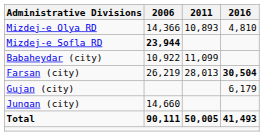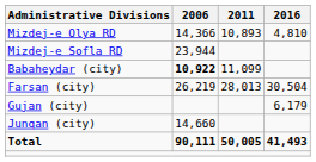 <table class="wikitable">
 <tr>
 <th>Administrative Divisions</th>
 <th>2006</th>
 <th>2011</th>
 <th>2016</th>
 </tr>
 <tr>
 <td><a href='#'>Mizdej-e Olya RD</a></td>
 <td style="text-align: right;">14,366</td>
 <td style="text-align: right;">10,893</td>
 <td style="text-align: right;">4,810</td>
 </tr>
 <tr>
 <td><a href='#'>Mizdej-e Sofla RD</a></td>
-<td style="text-align: right;"><strong>23,944</strong></td>
+<td style="text-align: right;">23,944</td>
 <td style="text-align: right;"></td>
 <td style="text-align: right;"></td>
 </tr>
 <tr>
 <td><a href='#'>Babaheydar</a> (city)</td>
-<td style="text-align: right;">10,922</td>
+<td style="text-align: right;"><strong>10,922</strong></td>
 <td style="text-align: right;">11,099</td>
 <td style="text-align: right;"></td>
 </tr>
 <tr>
 <td><a href='#'>Farsan</a> (city)</td>
 <td style="text-align: right;">26,219</td>
 <td style="text-align: right;">28,013</td>
-<td style="text-align: right;"><strong>30,504</strong></td>
+<td style="text-align: right;">30,504</td>
 </tr>
 <tr>
 <td><a href='#'>Gujan</a> (city)</td>
 <td style="text-align: right;"></td>
 <td style="text-align: right;"></td>
 <td style="text-align: right;">6,179</td>
 </tr>
 <tr>
 <td><a href='#'>Junqan</a> (city)</td>
 <td style="text-align: right;">14,660</td>
 <td style="text-align: right;"></td>
 <td style="text-align: right;"></td>
 </tr>
 <tr>
 <td><strong>Total</strong></td>
 <td style="text-align: right;"><strong>90,111</strong></td>
 <td style="text-align: right;"><strong>50,005</strong></td>
 <td style="text-align: right;"><strong>41,493</strong></td>
 </tr>
 <tr>
 <td colspan=4></td>
 </tr>
 </table>
